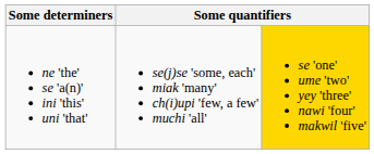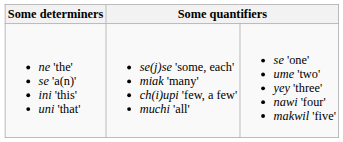 <table class="wikitable" style="margin: 1em auto 1em auto">
 <tr>
 <th align="center">Some determiners</th>
 <th colspan=2 align="center">Some quantifiers</th>
 </tr>
 <tr>
 <td><br><ul><li><em>ne</em> 'the'</li><li><em>se</em> 'a(n)'</li><li><em>ini</em> 'this'</li><li><em>uni</em> 'that'</li></ul></td>
 <td><br><ul><li><em>se(j)se</em> 'some, each'</li><li><em>miak</em> 'many'</li><li><em>ch(i)upi</em> 'few, a few'</li><li><em>muchi</em> 'all'</li></ul></td>
-<td style="background: gold;"><br><ul><li><em>se</em> 'one'</li><li><em>ume</em> 'two'</li><li><em>yey</em> 'three'</li><li><em>nawi</em> 'four'</li><li><em>makwil</em> 'five'</li></ul></td>
+<td><br><ul><li><em>se</em> 'one'</li><li><em>ume</em> 'two'</li><li><em>yey</em> 'three'</li><li><em>nawi</em> 'four'</li><li><em>makwil</em> 'five'</li></ul></td>
 </tr>
 </table>
